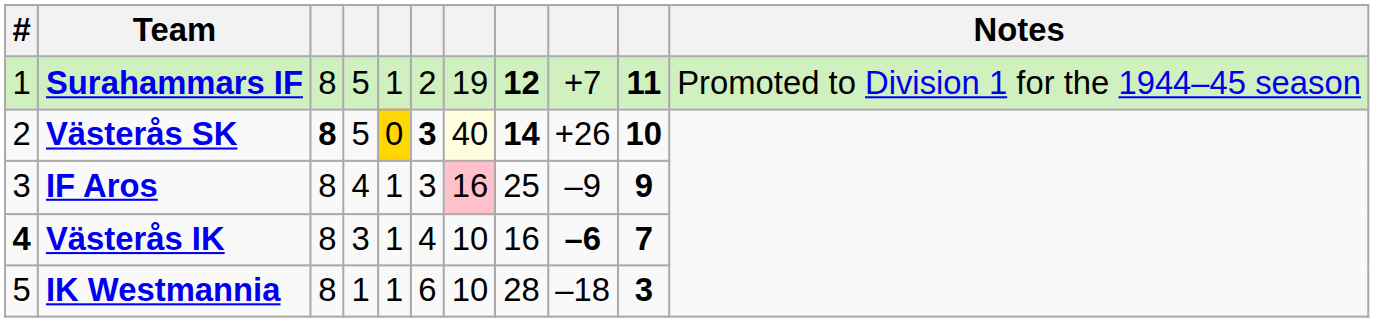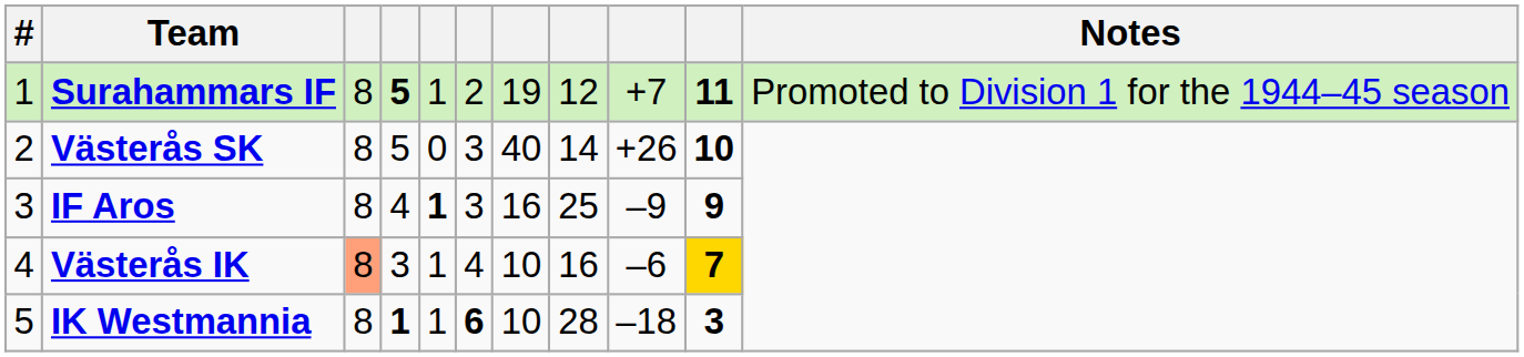 <table class="wikitable sortable">
 <tr>
 <th>#</th>
 <th>Team</th>
 <th></th>
 <th></th>
 <th></th>
 <th></th>
 <th></th>
 <th></th>
 <th></th>
 <th></th>
 <th>Notes</th>
 </tr>
 <tr style="background: #D0F0C0;">
 <td>1</td>
 <td style="font-weight:bold;"><a href='#'>Surahammars IF</a></td>
 <td style="text-align: center;">8</td>
-<td style="text-align: center;">5</td>
+<td style="text-align: center;"><strong>5</strong></td>
 <td style="text-align: center;">1</td>
 <td style="text-align: center;">2</td>
 <td style="text-align: center;">19</td>
-<td style="text-align: center;"><strong>12</strong></td>
+<td style="text-align: center;">12</td>
 <td style="text-align: center;">+7</td>
 <td style="text-align: center; font-weight:bold;">11</td>
 <td>Promoted to <a href='#'>Division 1</a> for the <a href='#'>1944–45 season</a></td>
 </tr>
 <tr>
 <td>2</td>
 <td style="font-weight:bold;"><a href='#'>Västerås SK</a></td>
-<td style="text-align: center;"><strong>8</strong></td>
+<td style="text-align: center;">8</td>
 <td style="text-align: center;">5</td>
-<td style="background: gold; text-align: center;">0</td>
-<td style="text-align: center;"><strong>3</strong></td>
-<td style="background: lightyellow; text-align: center;">40</td>
-<td style="text-align: center;"><strong>14</strong></td>
+<td style="text-align: center;">0</td>
+<td style="text-align: center;">3</td>
+<td style="text-align: center;">40</td>
+<td style="text-align: center;">14</td>
 <td style="text-align: center;">+26</td>
 <td style="text-align: center; font-weight:bold;">10</td>
 </tr>
 <tr>
 <td>3</td>
 <td style="font-weight:bold;"><a href='#'>IF Aros</a></td>
 <td style="text-align: center;">8</td>
 <td style="text-align: center;">4</td>
-<td style="text-align: center;">1</td>
+<td style="text-align: center;"><strong>1</strong></td>
 <td style="text-align: center;">3</td>
-<td style="background: pink; text-align: center;">16</td>
+<td style="text-align: center;">16</td>
 <td style="text-align: center;">25</td>
 <td style="text-align: center;">–9</td>
 <td style="text-align: center; font-weight:bold;">9</td>
 </tr>
 <tr>
-<td><strong>4</strong></td>
+<td>4</td>
 <td style="font-weight:bold;"><a href='#'>Västerås IK</a></td>
-<td style="text-align: center;">8</td>
+<td style="background: lightsalmon; text-align: center;">8</td>
 <td style="text-align: center;">3</td>
 <td style="text-align: center;">1</td>
 <td style="text-align: center;">4</td>
 <td style="text-align: center;">10</td>
 <td style="text-align: center;">16</td>
-<td style="text-align: center;"><strong>–6</strong></td>
-<td style="text-align: center; font-weight:bold;">7</td>
+<td style="text-align: center;">–6</td>
+<td style="background: gold; text-align: center; font-weight:bold;">7</td>
 </tr>
 <tr>
 <td>5</td>
 <td style="font-weight:bold;"><a href='#'>IK Westmannia</a></td>
 <td style="text-align: center;">8</td>
+<td style="text-align: center;"><strong>1</strong></td>
 <td style="text-align: center;">1</td>
-<td style="text-align: center;">1</td>
-<td style="text-align: center;">6</td>
+<td style="text-align: center;"><strong>6</strong></td>
 <td style="text-align: center;">10</td>
 <td style="text-align: center;">28</td>
 <td style="text-align: center;">–18</td>
 <td style="text-align: center; font-weight:bold;">3</td>
 </tr>
 </table>
